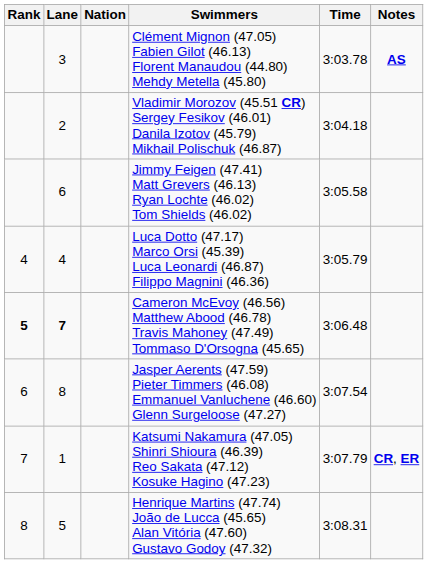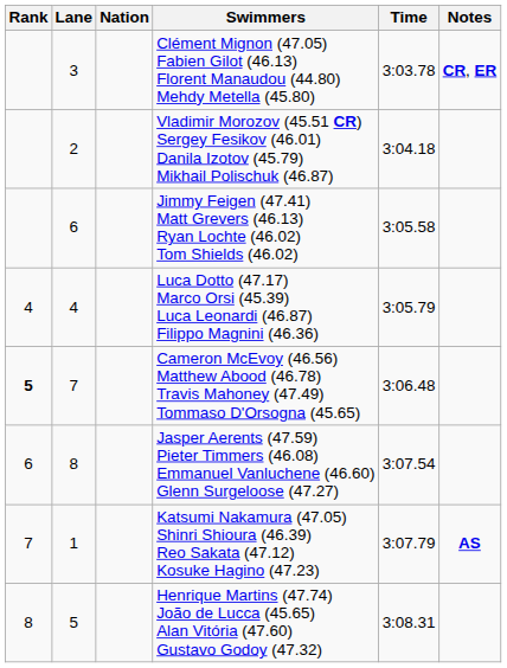 <table class="wikitable sortable" style="text-align:center">
 <tr>
 <th>Rank</th>
 <th>Lane</th>
 <th>Nation</th>
 <th>Swimmers</th>
 <th>Time</th>
 <th>Notes</th>
 </tr>
 <tr>
 <td></td>
 <td>3</td>
 <td align=left></td>
 <td align=left><a href='#'>Clément Mignon</a> (47.05)<br><a href='#'>Fabien Gilot</a> (46.13)<br><a href='#'>Florent Manaudou</a> (44.80)<br><a href='#'>Mehdy Metella</a> (45.80)</td>
 <td>3:03.78</td>
-<td><strong><a href='#'>AS</a></strong></td>
+<td><strong><a href='#'>CR</a></strong>, <strong><a href='#'>ER</a></strong></td>
 </tr>
 <tr>
 <td></td>
 <td>2</td>
 <td align=left></td>
 <td align=left><a href='#'>Vladimir Morozov</a> (45.51 <strong><a href='#'>CR</a></strong>)<br><a href='#'>Sergey Fesikov</a> (46.01)<br><a href='#'>Danila Izotov</a> (45.79)<br><a href='#'>Mikhail Polischuk</a> (46.87)</td>
 <td>3:04.18</td>
 <td></td>
 </tr>
 <tr>
 <td></td>
 <td>6</td>
 <td align=left></td>
 <td align=left><a href='#'>Jimmy Feigen</a> (47.41)<br><a href='#'>Matt Grevers</a> (46.13)<br><a href='#'>Ryan Lochte</a> (46.02)<br><a href='#'>Tom Shields</a> (46.02)</td>
 <td>3:05.58</td>
 <td></td>
 </tr>
 <tr>
 <td>4</td>
 <td>4</td>
 <td align=left></td>
 <td align=left><a href='#'>Luca Dotto</a> (47.17)<br><a href='#'>Marco Orsi</a> (45.39)<br><a href='#'>Luca Leonardi</a> (46.87)<br><a href='#'>Filippo Magnini</a> (46.36)</td>
 <td>3:05.79</td>
 <td></td>
 </tr>
 <tr>
 <td><strong>5</strong></td>
-<td><strong>7</strong></td>
+<td>7</td>
 <td align=left></td>
 <td align=left><a href='#'>Cameron McEvoy</a> (46.56)<br><a href='#'>Matthew Abood</a> (46.78)<br><a href='#'>Travis Mahoney</a> (47.49)<br><a href='#'>Tommaso D'Orsogna</a> (45.65)</td>
 <td>3:06.48</td>
 <td></td>
 </tr>
 <tr>
 <td>6</td>
 <td>8</td>
 <td align=left></td>
 <td align=left><a href='#'>Jasper Aerents</a> (47.59)<br><a href='#'>Pieter Timmers</a> (46.08)<br><a href='#'>Emmanuel Vanluchene</a> (46.60)<br><a href='#'>Glenn Surgeloose</a> (47.27)</td>
 <td>3:07.54</td>
 <td></td>
 </tr>
 <tr>
 <td>7</td>
 <td>1</td>
 <td align=left></td>
 <td align=left><a href='#'>Katsumi Nakamura</a> (47.05)<br><a href='#'>Shinri Shioura</a> (46.39)<br><a href='#'>Reo Sakata</a> (47.12)<br><a href='#'>Kosuke Hagino</a> (47.23)</td>
 <td>3:07.79</td>
-<td><strong><a href='#'>CR</a></strong>, <strong><a href='#'>ER</a></strong></td>
+<td><strong><a href='#'>AS</a></strong></td>
 </tr>
 <tr>
 <td>8</td>
 <td>5</td>
 <td align=left></td>
 <td align=left><a href='#'>Henrique Martins</a> (47.74)<br><a href='#'>João de Lucca</a> (45.65)<br><a href='#'>Alan Vitória</a> (47.60)<br><a href='#'>Gustavo Godoy</a> (47.32)</td>
 <td>3:08.31</td>
 <td></td>
 </tr>
 </table>
